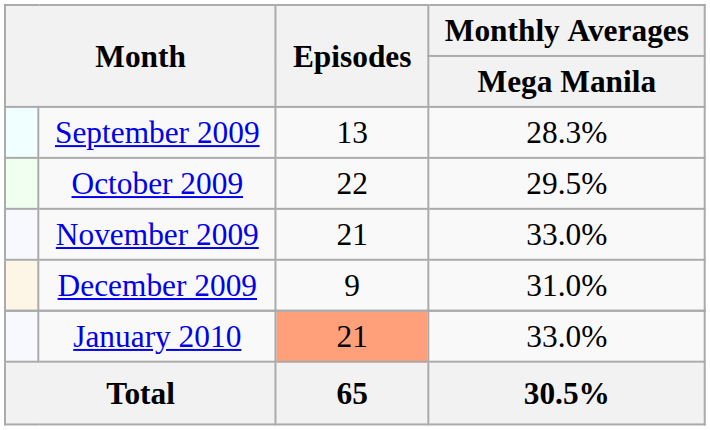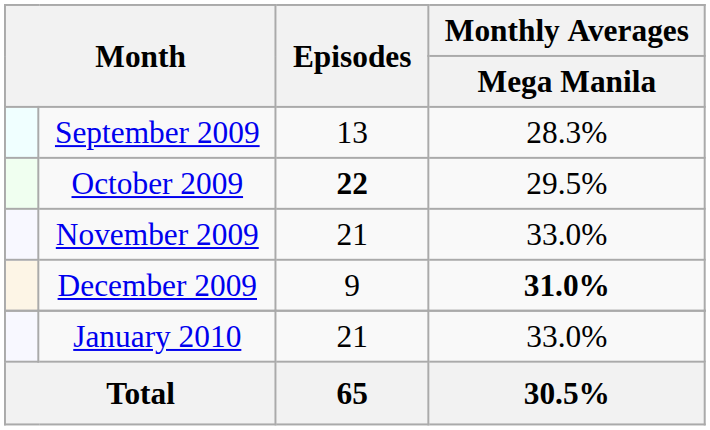 <table class="wikitable plainrowheaders" style="text-align: center; line-height:25px;">
 <tr class="wikitable" style="text-align: center;">
 <th colspan="2" rowspan="2" style="padding: 0 8px;">Month</th>
 <th rowspan="2" style="padding: 0 8px;">Episodes</th>
 <th colspan="2" style="padding: 0 8px;">Monthly Averages</th>
 </tr>
 <tr>
 <th style="padding: 0 8px;">Mega Manila</th>
 </tr>
 <tr>
 <td style="padding: 0 8px; background:#F0FFFF;"></td>
 <td style="padding: 0 8px;" '><a href='#'>September 2009</a></td>
 <td style="padding: 0 8px;">13</td>
 <td style="padding: 0 8px;">28.3%</td>
 </tr>
 <tr>
 <td style="padding: 0 8px; background:#F0FFF0;"></td>
 <td style="padding: 0 8px;" '><a href='#'>October 2009</a></td>
-<td style="padding: 0 8px;">22</td>
+<td style="padding: 0 8px;"><strong>22</strong></td>
 <td style="padding: 0 8px;">29.5%</td>
 </tr>
 <tr>
 <td style="padding: 0 8px; background:#F8F8FF;"></td>
 <td style="padding: 0 8px;" '><a href='#'>November 2009</a></td>
 <td style="padding: 0 8px;">21</td>
 <td style="padding: 0 8px;">33.0%</td>
 </tr>
 <tr>
 <td style="padding: 0 8px; background:#FDF5E6;"></td>
 <td style="padding: 0 8px;" '><a href='#'>December 2009</a></td>
 <td style="padding: 0 8px;">9</td>
-<td style="padding: 0 8px;">31.0%</td>
+<td style="padding: 0 8px;"><strong>31.0%</strong></td>
 </tr>
 <tr>
 </tr>
 <tr>
 <td style="padding: 0 8px; background:#F8F8FF;"></td>
 <td style="padding: 0 8px;" '><a href='#'>January 2010</a></td>
-<td style="background: lightsalmon; padding: 0 8px;">21</td>
+<td style="padding: 0 8px;">21</td>
 <td style="padding: 0 8px;">33.0%</td>
 </tr>
 <tr>
 <th colspan="2">Total</th>
 <th colspan="1">65</th>
 <th colspan="2">30.5%</th>
 </tr>
 </table>
